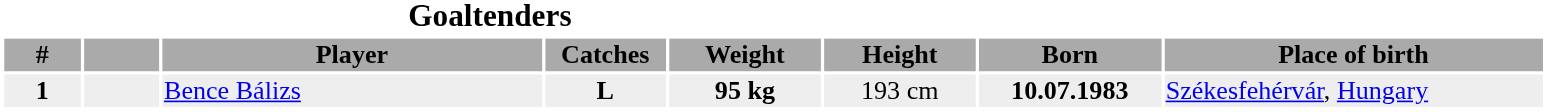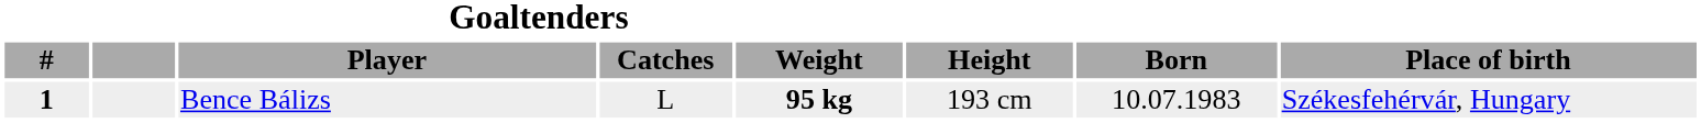 <table width=75%>
 <tr>
 <th colspan=6><big>Goaltenders</big></th>
 </tr>
 <tr bgcolor="#AAAAAA">
 <th width=5%>#</th>
 <th width=5%></th>
 <th !width=15%>Player</th>
 <th width=8%>Catches</th>
 <th width=10%>Weight</th>
 <th width=10%>Height</th>
 <th width=12%>Born</th>
 <th width=25%>Place of birth</th>
 </tr>
 <tr bgcolor="#EEEEEE">
 <td align=center><strong>1</strong></td>
 <td align=center></td>
 <td><a href='#'>Bence Bálizs</a></td>
-<td align=center><strong>L</strong></td>
+<td align=center>L</td>
 <td align=center><strong>95 kg</strong></td>
 <td align=center>193 cm</td>
-<td align=center><strong>10.07.1983</strong></td>
+<td align=center>10.07.1983</td>
 <td><a href='#'>Székesfehérvár</a>, <a href='#'>Hungary</a></td>
 </tr>
 <tr>
 </tr>
 </table>
